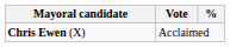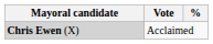 <table class="wikitable">
 <tr>
 <th width="200px">Mayoral candidate</th>
 <th width="50px">Vote</th>
 <th width="30px">%</th>
 </tr>
 <tr>
-<td><strong>Chris Ewen</strong> (X)</td>
+<td style="background: lightgrey;"><strong>Chris Ewen</strong> (X)</td>
 <td colspan="2">Acclaimed</td>
 </tr>
 </table>
